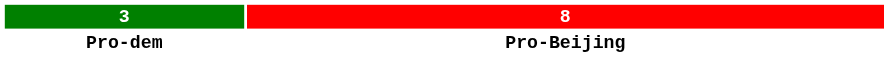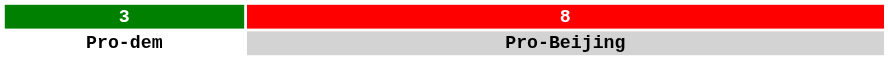 <table style="width:50%; text-align:center;">
 <tr style="color:white;">
 <td style="background:green; width:27.28%;"><strong>3</strong></td>
 <td style="background:red; width:72.72%;"><strong>8</strong></td>
 </tr>
 <tr>
 <td><span><strong>Pro-dem</strong></span></td>
-<td><span><strong>Pro-Beijing</strong></span></td>
+<td style="background: lightgrey;"><span><strong>Pro-Beijing</strong></span></td>
 </tr>
 </table>
